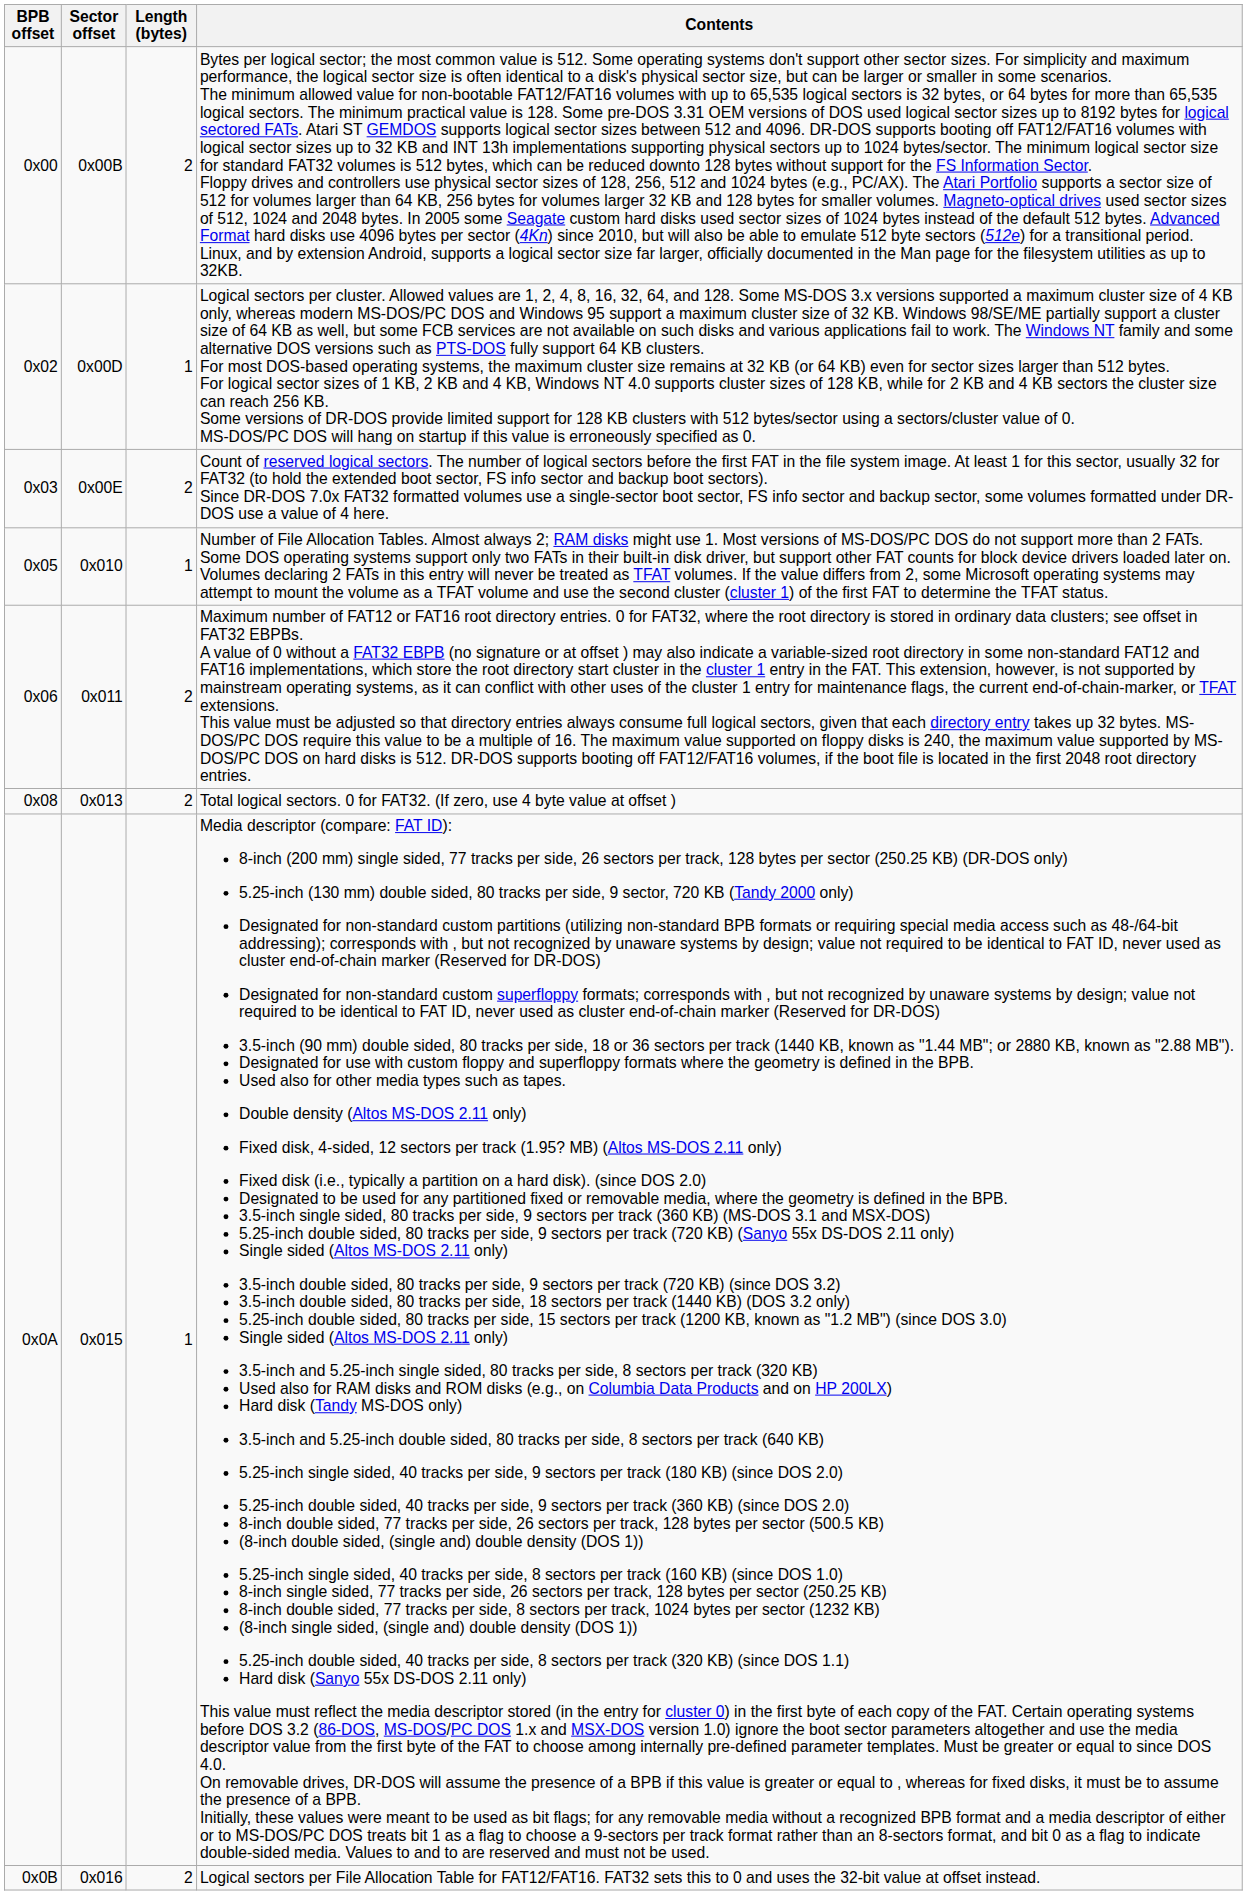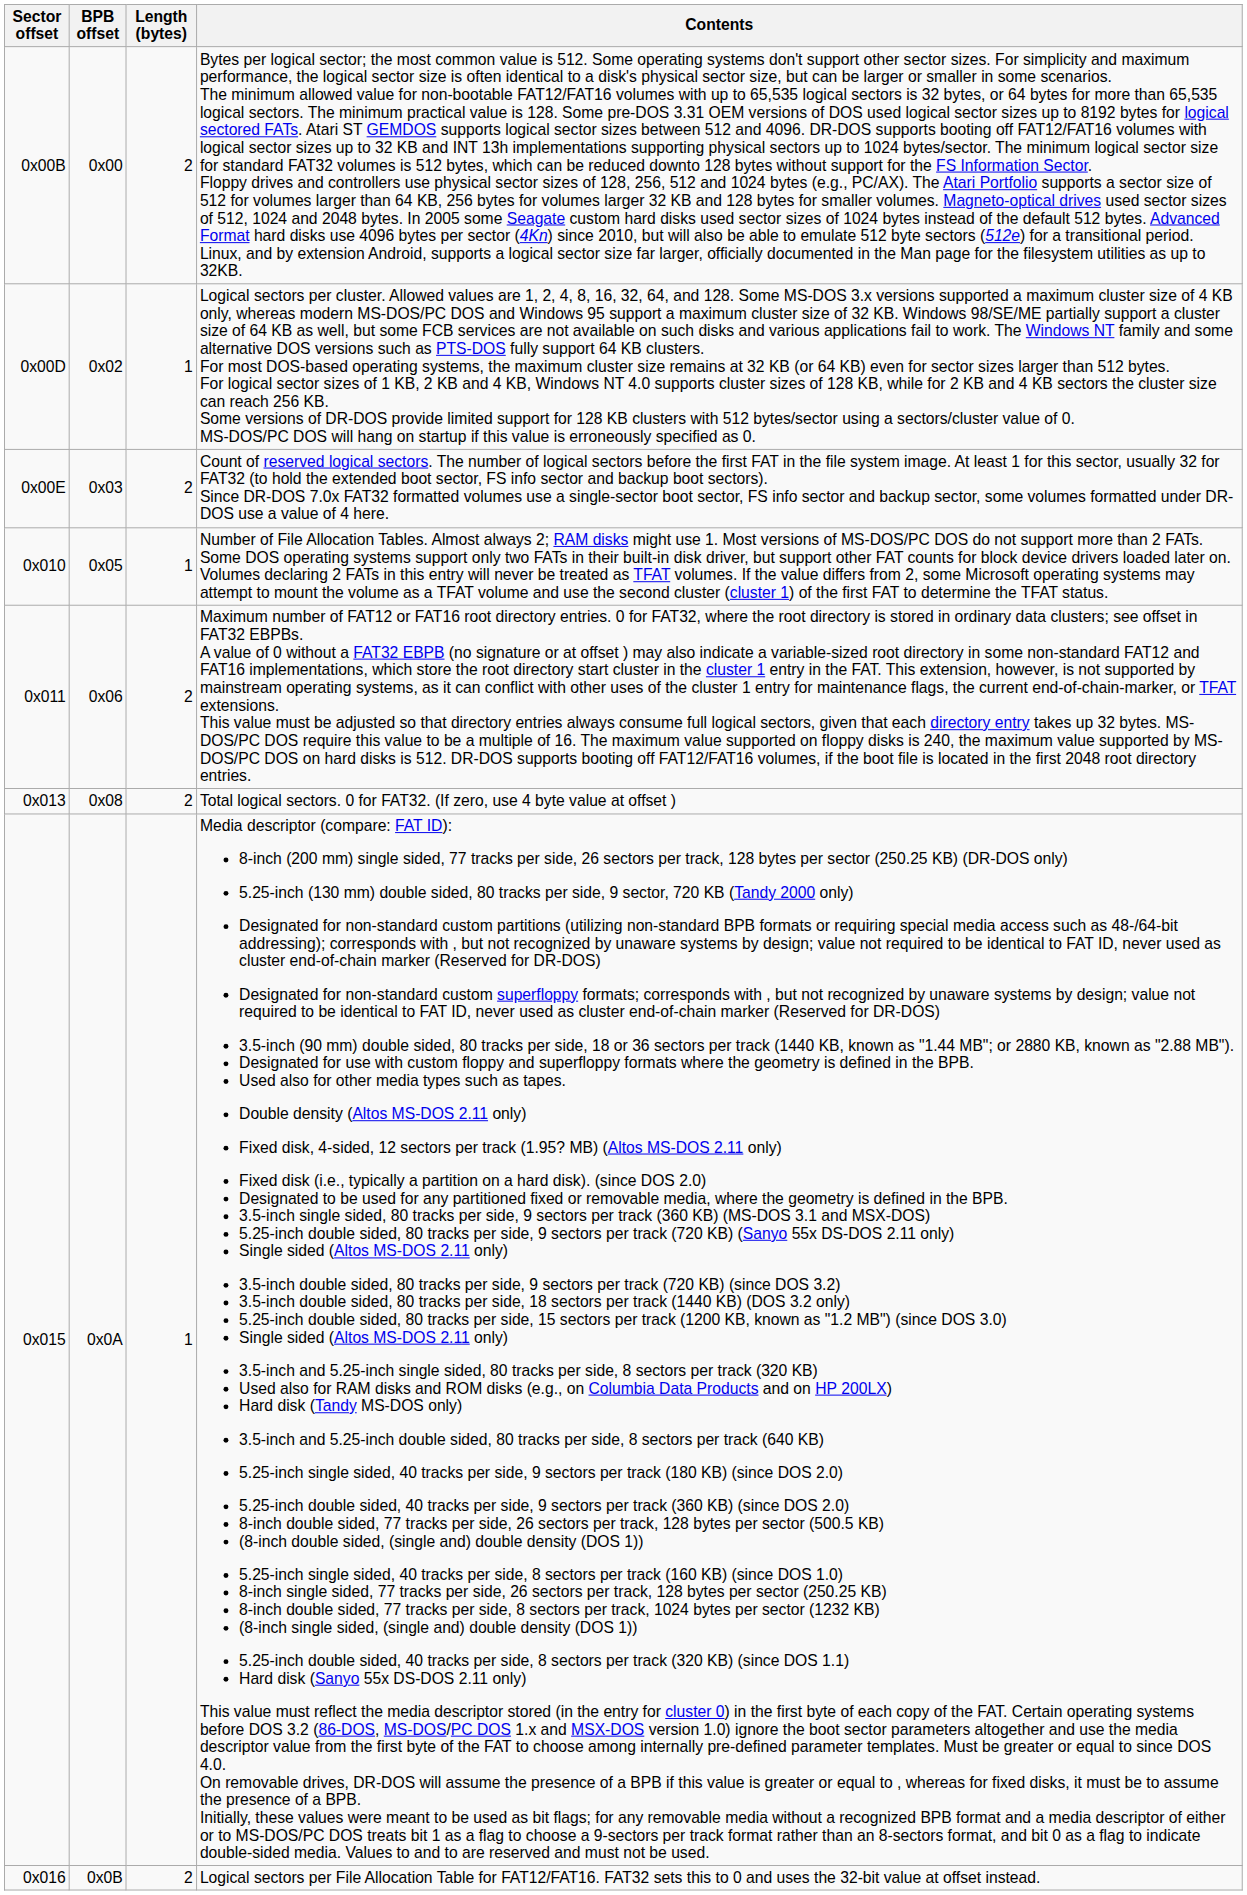 <table class="wikitable sortable mw-collapsible mw-collapsed" width="100%">
 <tr>
+<th>Sector offset</th>
 <th>BPB offset</th>
-<th>Sector offset</th>
 <th>Length (bytes)</th>
 <th>Contents</th>
 </tr>
 <tr>
+<td style="text-align:right;">0x00B</td>
 <td style="text-align:right;">0x00</td>
-<td style="text-align:right;">0x00B</td>
 <td style="text-align:right;">2</td>
 <td>Bytes per logical sector; the most common value is 512. Some operating systems don't support other sector sizes. For simplicity and maximum performance, the logical sector size is often identical to a disk's physical sector size, but can be larger or smaller in some scenarios.<br>The minimum allowed value for non-bootable FAT12/FAT16 volumes with up to 65,535 logical sectors is 32 bytes, or 64 bytes for more than 65,535 logical sectors. The minimum practical value is 128. Some pre-DOS 3.31 OEM versions of DOS used logical sector sizes up to 8192 bytes for <a href='#'>logical sectored FATs</a>. Atari ST <a href='#'>GEMDOS</a> supports logical sector sizes between 512 and 4096. DR-DOS supports booting off FAT12/FAT16 volumes with logical sector sizes up to 32 KB and INT 13h implementations supporting physical sectors up to 1024 bytes/sector. The minimum logical sector size for standard FAT32 volumes is 512 bytes, which can be reduced downto 128 bytes without support for the <a href='#'>FS Information Sector</a>.<br>Floppy drives and controllers use physical sector sizes of 128, 256, 512 and 1024 bytes (e.g., PC/AX). The <a href='#'>Atari Portfolio</a> supports a sector size of 512 for volumes larger than 64 KB, 256 bytes for volumes larger 32 KB and 128 bytes for smaller volumes. <a href='#'>Magneto-optical drives</a> used sector sizes of 512, 1024 and 2048 bytes. In 2005 some <a href='#'>Seagate</a> custom hard disks used sector sizes of 1024 bytes instead of the default 512 bytes. <a href='#'>Advanced Format</a> hard disks use 4096 bytes per sector (<em><a href='#'>4Kn</a></em>) since 2010, but will also be able to emulate 512 byte sectors (<em><a href='#'>512e</a></em>) for a transitional period.<br>Linux, and by extension Android, supports a logical sector size far larger, officially documented in the Man page for the filesystem utilities as up to 32KB.</td>
 </tr>
 <tr>
+<td style="text-align:right;">0x00D</td>
 <td style="text-align:right;">0x02</td>
-<td style="text-align:right;">0x00D</td>
 <td style="text-align:right;">1</td>
 <td>Logical sectors per cluster. Allowed values are 1, 2, 4, 8, 16, 32, 64, and 128. Some MS-DOS 3.x versions supported a maximum cluster size of 4 KB only, whereas modern MS-DOS/PC DOS and Windows 95 support a maximum cluster size of 32 KB. Windows 98/SE/ME partially support a cluster size of 64 KB as well, but some FCB services are not available on such disks and various applications fail to work. The <a href='#'>Windows NT</a> family and some alternative DOS versions such as <a href='#'>PTS-DOS</a> fully support 64 KB clusters.<br>For most DOS-based operating systems, the maximum cluster size remains at 32 KB (or 64 KB) even for sector sizes larger than 512 bytes.<br>For logical sector sizes of 1 KB, 2 KB and 4 KB, Windows NT 4.0 supports cluster sizes of 128 KB, while for 2 KB and 4 KB sectors the cluster size can reach 256 KB.<br>Some versions of DR-DOS provide limited support for 128 KB clusters with 512 bytes/sector using a sectors/cluster value of 0.<br>MS-DOS/PC DOS will hang on startup if this value is erroneously specified as 0.</td>
 </tr>
 <tr>
+<td style="text-align:right;">0x00E</td>
 <td style="text-align:right;">0x03</td>
-<td style="text-align:right;">0x00E</td>
 <td style="text-align:right;">2</td>
 <td>Count of <a href='#'>reserved logical sectors</a>. The number of logical sectors before the first FAT in the file system image. At least 1 for this sector, usually 32 for FAT32 (to hold the extended boot sector, FS info sector and backup boot sectors).<br>Since DR-DOS 7.0x FAT32 formatted volumes use a single-sector boot sector, FS info sector and backup sector, some volumes formatted under DR-DOS use a value of 4 here.</td>
 </tr>
 <tr>
+<td style="text-align:right;">0x010</td>
 <td style="text-align:right;">0x05</td>
-<td style="text-align:right;">0x010</td>
 <td style="text-align:right;">1</td>
 <td>Number of File Allocation Tables. Almost always 2; <a href='#'>RAM disks</a> might use 1. Most versions of MS-DOS/PC DOS do not support more than 2 FATs. Some DOS operating systems support only two FATs in their built-in disk driver, but support other FAT counts for block device drivers loaded later on.<br>Volumes declaring 2 FATs in this entry will never be treated as <a href='#'>TFAT</a> volumes. If the value differs from 2, some Microsoft operating systems may attempt to mount the volume as a TFAT volume and use the second cluster (<a href='#'>cluster 1</a>) of the first FAT to determine the TFAT status.</td>
 </tr>
 <tr>
+<td style="text-align:right;">0x011</td>
 <td style="text-align:right;">0x06</td>
-<td style="text-align:right;">0x011</td>
 <td style="text-align:right;">2</td>
 <td>Maximum number of FAT12 or FAT16 root directory entries. 0 for FAT32, where the root directory is stored in ordinary data clusters; see offset  in FAT32 EBPBs.<br>A value of 0 without a <a href='#'>FAT32 EBPB</a> (no signature  or  at offset ) may also indicate a variable-sized root directory in some non-standard FAT12 and FAT16 implementations, which store the root directory start cluster in the <a href='#'>cluster 1</a> entry in the FAT. This extension, however, is not supported by mainstream operating systems, as it can conflict with other uses of the cluster 1 entry for maintenance flags, the current end-of-chain-marker, or <a href='#'>TFAT</a> extensions.<br>This value must be adjusted so that directory entries always consume full logical sectors, given that each <a href='#'>directory entry</a> takes up 32 bytes. MS-DOS/PC DOS require this value to be a multiple of 16. The maximum value supported on floppy disks is 240, the maximum value supported by MS-DOS/PC DOS on hard disks is 512. DR-DOS supports booting off FAT12/FAT16 volumes, if the boot file is located in the first 2048 root directory entries.</td>
 </tr>
 <tr>
+<td style="text-align:right;">0x013</td>
 <td style="text-align:right;">0x08</td>
-<td style="text-align:right;">0x013</td>
 <td style="text-align:right;">2</td>
 <td>Total logical sectors. 0 for FAT32. (If zero, use 4 byte value at offset )</td>
 </tr>
 <tr>
+<td style="text-align:right;">0x015</td>
 <td style="text-align:right;">0x0A</td>
-<td style="text-align:right;">0x015</td>
 <td style="text-align:right;">1</td>
 <td>Media descriptor (compare: <a href='#'>FAT ID</a>):<br><ul><li>8-inch (200 mm) single sided, 77 tracks per side, 26 sectors per track, 128 bytes per sector (250.25 KB) (DR-DOS only)</li></ul><ul><li>5.25-inch (130 mm) double sided, 80 tracks per side, 9 sector, 720 KB (<a href='#'>Tandy 2000</a> only)</li></ul><ul><li>Designated for non-standard custom partitions (utilizing non-standard BPB formats or requiring special media access such as 48-/64-bit addressing); corresponds with , but not recognized by unaware systems by design; value not required to be identical to FAT ID, never used as cluster end-of-chain marker (Reserved for DR-DOS)</li></ul><ul><li>Designated for non-standard custom <a href='#'>superfloppy</a> formats; corresponds with , but not recognized by unaware systems by design; value not required to be identical to FAT ID, never used as cluster end-of-chain marker (Reserved for DR-DOS)</li></ul><ul><li>3.5-inch (90 mm) double sided, 80 tracks per side, 18 or 36 sectors per track (1440 KB, known as "1.44 MB"; or 2880 KB, known as "2.88 MB").</li><li>Designated for use with custom floppy and superfloppy formats where the geometry is defined in the BPB.</li><li>Used also for other media types such as tapes.</li></ul><ul><li>Double density (<a href='#'>Altos MS-DOS 2.11</a> only)</li></ul><ul><li>Fixed disk, 4-sided, 12 sectors per track (1.95? MB) (<a href='#'>Altos MS-DOS 2.11</a> only)</li></ul><ul><li>Fixed disk (i.e., typically a partition on a hard disk). (since DOS 2.0)</li><li>Designated to be used for any partitioned fixed or removable media, where the geometry is defined in the BPB.</li><li>3.5-inch single sided, 80 tracks per side, 9 sectors per track (360 KB) (MS-DOS 3.1 and MSX-DOS)</li><li>5.25-inch double sided, 80 tracks per side, 9 sectors per track (720 KB) (<a href='#'>Sanyo</a> 55x DS-DOS 2.11 only)</li><li>Single sided (<a href='#'>Altos MS-DOS 2.11</a> only)</li></ul><ul><li>3.5-inch double sided, 80 tracks per side, 9 sectors per track (720 KB) (since DOS 3.2)</li><li>3.5-inch double sided, 80 tracks per side, 18 sectors per track (1440 KB) (DOS 3.2 only)</li><li>5.25-inch double sided, 80 tracks per side, 15 sectors per track (1200 KB, known as "1.2 MB") (since DOS 3.0)</li><li>Single sided (<a href='#'>Altos MS-DOS 2.11</a> only)</li></ul><ul><li>3.5-inch and 5.25-inch single sided, 80 tracks per side, 8 sectors per track (320 KB)</li><li>Used also for RAM disks and ROM disks (e.g., on <a href='#'>Columbia Data Products</a> and on <a href='#'>HP&nbsp;200LX</a>)</li><li>Hard disk (<a href='#'>Tandy</a> MS-DOS only)</li></ul><ul><li>3.5-inch and 5.25-inch double sided, 80 tracks per side, 8 sectors per track (640 KB)</li></ul><ul><li>5.25-inch single sided, 40 tracks per side, 9 sectors per track (180 KB) (since DOS 2.0)</li></ul><ul><li>5.25-inch double sided, 40 tracks per side, 9 sectors per track (360 KB) (since DOS 2.0)</li><li>8-inch double sided, 77 tracks per side, 26 sectors per track, 128 bytes per sector (500.5 KB)</li><li>(8-inch double sided, (single and) double density (DOS 1))</li></ul><ul><li>5.25-inch single sided, 40 tracks per side, 8 sectors per track (160 KB) (since DOS 1.0)</li><li>8-inch single sided, 77 tracks per side, 26 sectors per track, 128 bytes per sector (250.25 KB)</li><li>8-inch double sided, 77 tracks per side, 8 sectors per track, 1024 bytes per sector (1232 KB)</li><li>(8-inch single sided, (single and) double density (DOS 1))</li></ul><ul><li>5.25-inch double sided, 40 tracks per side, 8 sectors per track (320 KB) (since DOS 1.1)</li><li>Hard disk (<a href='#'>Sanyo</a> 55x DS-DOS 2.11 only)</li></ul>This value must reflect the media descriptor stored (in the entry for <a href='#'>cluster 0</a>) in the first byte of each copy of the FAT. Certain operating systems before DOS 3.2 (<a href='#'>86-DOS</a>, <a href='#'>MS-DOS</a>/<a href='#'>PC&nbsp;DOS</a> 1.x and <a href='#'>MSX-DOS</a> version 1.0) ignore the boot sector parameters altogether and use the media descriptor value from the first byte of the FAT to choose among internally pre-defined parameter templates. Must be greater or equal to  since DOS 4.0.<br>On removable drives, DR-DOS will assume the presence of a BPB if this value is greater or equal to , whereas for fixed disks, it must be  to assume the presence of a BPB.<br>Initially, these values were meant to be used as bit flags; for any removable media without a recognized BPB format and a media descriptor of either  or  to  MS-DOS/PC DOS treats bit 1 as a flag to choose a 9-sectors per track format rather than an 8-sectors format, and bit 0 as a flag to indicate double-sided media. Values  to  and  to  are reserved and must not be used.</td>
 </tr>
 <tr>
+<td style="text-align:right;">0x016</td>
 <td style="text-align:right;">0x0B</td>
-<td style="text-align:right;">0x016</td>
 <td style="text-align:right;">2</td>
 <td>Logical sectors per File Allocation Table for FAT12/FAT16.  FAT32 sets this to 0 and uses the 32-bit value at offset  instead.</td>
 </tr>
 </table>
